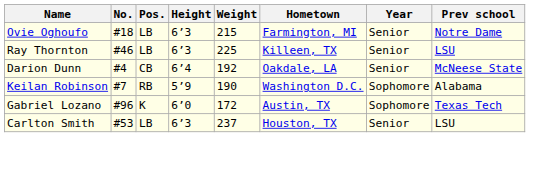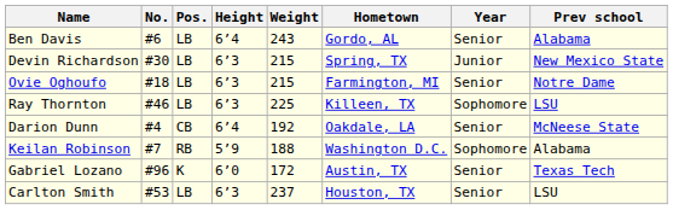 <table class="wikitable sortable">
 <tr>
 <th style="text-align:center; ">Name</th>
 <th style="text-align:center; ">No.</th>
 <th style="text-align:center; ">Pos.</th>
 <th style="text-align:center; ">Height</th>
 <th style="text-align:center; ">Weight</th>
 <th style="text-align:center; ">Hometown</th>
 <th style="text-align:center; ">Year</th>
 <th style="text-align:center; ">Prev school</th>
+</tr>
+<tr style="background:#FFFFE6;">
+<td>Ben Davis</td>
+<td>#6</td>
+<td>LB</td>
+<td>6’4</td>
+<td>243</td>
+<td><a href='#'>Gordo, AL</a></td>
+<td>Senior</td>
+<td><a href='#'>Alabama</a></td>
+</tr>
+<tr style="background:#FFFFE6;">
+<td>Devin Richardson</td>
+<td>#30</td>
+<td>LB</td>
+<td>6’3</td>
+<td>215</td>
+<td><a href='#'>Spring, TX</a></td>
+<td>Junior</td>
+<td><a href='#'>New Mexico State</a></td>
 </tr>
 <tr style="background:#FFFFE6;">
 <td><a href='#'>Ovie Oghoufo</a></td>
 <td>#18</td>
 <td>LB</td>
 <td>6’3</td>
 <td>215</td>
 <td><a href='#'>Farmington, MI</a></td>
 <td>Senior</td>
 <td><a href='#'>Notre Dame</a></td>
 </tr>
 <tr style="background:#FFFFE6;">
 <td>Ray Thornton</td>
 <td>#46</td>
 <td>LB</td>
 <td>6’3</td>
 <td>225</td>
 <td><a href='#'>Killeen, TX</a></td>
-<td>Senior</td>
+<td>Sophomore</td>
 <td><a href='#'>LSU</a></td>
 </tr>
 <tr style="background:#FFFFE6;">
 <td>Darion Dunn</td>
 <td>#4</td>
 <td>CB</td>
 <td>6’4</td>
 <td>192</td>
 <td><a href='#'>Oakdale, LA</a></td>
 <td>Senior</td>
 <td><a href='#'>McNeese State</a></td>
 </tr>
 <tr style="background:#FFFFE6;">
 <td><a href='#'>Keilan Robinson</a></td>
 <td>#7</td>
 <td>RB</td>
 <td>5’9</td>
-<td>190</td>
+<td>188</td>
 <td><a href='#'>Washington D.C.</a></td>
 <td>Sophomore</td>
 <td>Alabama</td>
 </tr>
 <tr style="background:#FFFFE6;">
 <td>Gabriel Lozano</td>
 <td>#96</td>
 <td>K</td>
 <td>6’0</td>
 <td>172</td>
 <td><a href='#'>Austin, TX</a></td>
-<td>Sophomore</td>
+<td>Senior</td>
 <td><a href='#'>Texas Tech</a></td>
 </tr>
 <tr style="background:#FFFFE6;">
 <td>Carlton Smith</td>
 <td>#53</td>
 <td>LB</td>
 <td>6’3</td>
 <td>237</td>
 <td><a href='#'>Houston, TX</a></td>
 <td>Senior</td>
 <td>LSU</td>
 </tr>
 </table>
